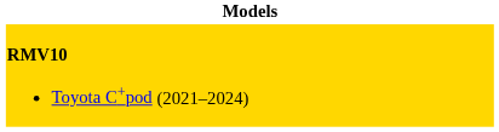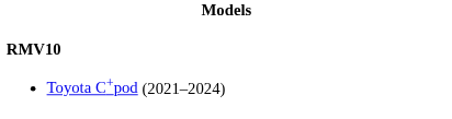 <table>
 <tr>
 <th style="width:50%">Models</th>
 </tr>
 <tr>
-<td style="background: gold; width:50%"><br><strong>RMV10</strong><ul><li><a href='#'>Toyota C<sup>+</sup>pod</a> (2021–2024)</li></ul></td>
+<td style="width:50%"><br><strong>RMV10</strong><ul><li><a href='#'>Toyota C<sup>+</sup>pod</a> (2021–2024)</li></ul></td>
 </tr>
 </table>
